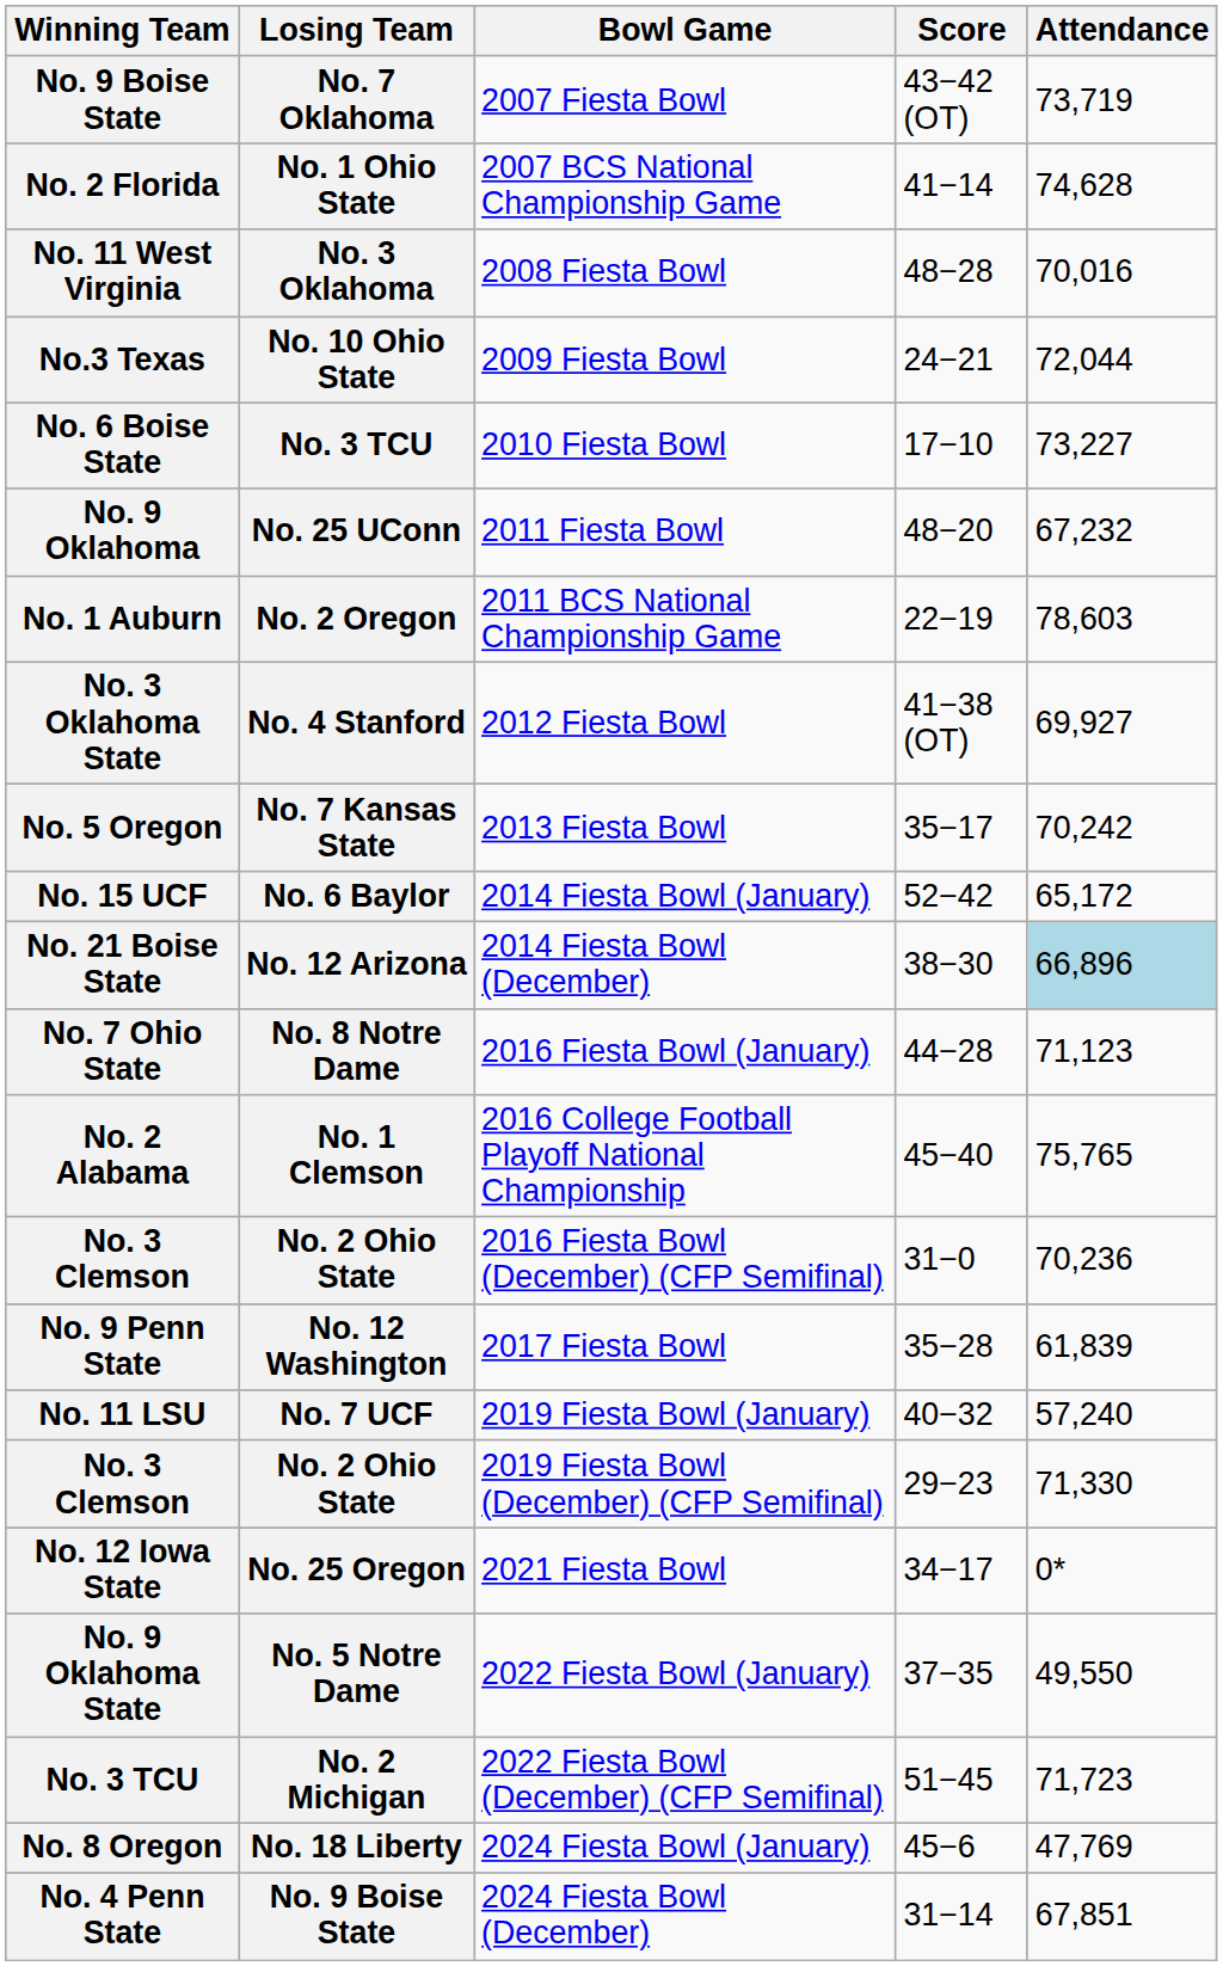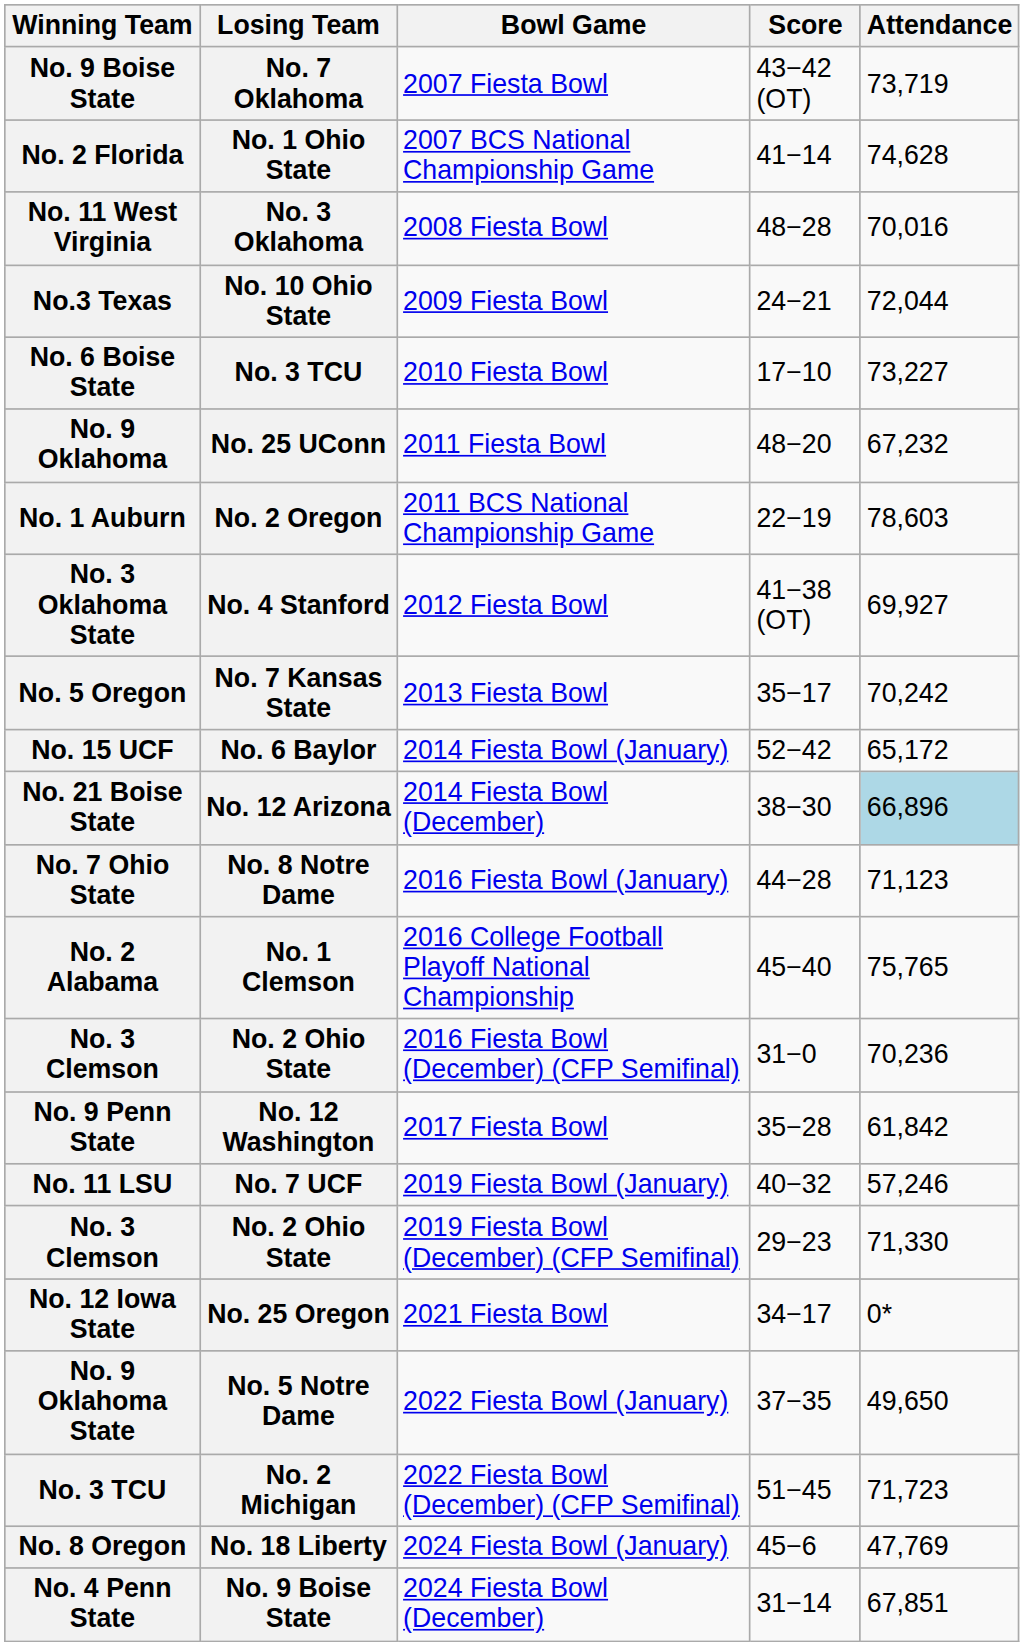 <table class="wikitable">
 <tr>
 <th style="text-align:center; ">Winning Team</th>
 <th style="text-align:center; ">Losing Team</th>
 <th style="text-align:center; ">Bowl Game</th>
 <th style="text-align:center; ">Score</th>
 <th style="text-align:center; ">Attendance</th>
 </tr>
 <tr>
 <th style=>No. 9 Boise State</th>
 <th style=>No. 7 Oklahoma</th>
 <td><a href='#'>2007 Fiesta Bowl</a></td>
 <td>43−42 (OT)</td>
 <td>73,719</td>
 </tr>
 <tr>
 <th style=>No. 2 Florida</th>
 <th style=>No. 1 Ohio State</th>
 <td><a href='#'>2007 BCS National Championship Game</a></td>
 <td>41−14</td>
 <td>74,628</td>
 </tr>
 <tr>
 <th style=>No. 11 West Virginia</th>
 <th style=>No. 3 Oklahoma</th>
 <td><a href='#'>2008 Fiesta Bowl</a></td>
 <td>48−28</td>
 <td>70,016</td>
 </tr>
 <tr>
 <th style=>No.3 Texas</th>
 <th style=>No. 10 Ohio State</th>
 <td><a href='#'>2009 Fiesta Bowl</a></td>
 <td>24−21</td>
 <td>72,044</td>
 </tr>
 <tr>
 <th style=>No. 6 Boise State</th>
 <th style=>No. 3 TCU</th>
 <td><a href='#'>2010 Fiesta Bowl</a></td>
 <td>17−10</td>
 <td>73,227</td>
 </tr>
 <tr>
 <th style=>No. 9 Oklahoma</th>
 <th style=>No. 25 UConn</th>
 <td><a href='#'>2011 Fiesta Bowl</a></td>
 <td>48−20</td>
 <td>67,232</td>
 </tr>
 <tr>
 <th style=>No. 1 Auburn</th>
 <th style=>No. 2 Oregon</th>
 <td><a href='#'>2011 BCS National Championship Game</a></td>
 <td>22−19</td>
 <td>78,603</td>
 </tr>
 <tr>
 <th style=>No. 3 Oklahoma State</th>
 <th style=>No. 4 Stanford</th>
 <td><a href='#'>2012 Fiesta Bowl</a></td>
 <td>41−38 (OT)</td>
 <td>69,927</td>
 </tr>
 <tr>
 <th style=>No. 5 Oregon</th>
 <th style=>No. 7 Kansas State</th>
 <td><a href='#'>2013 Fiesta Bowl</a></td>
 <td>35−17</td>
 <td>70,242</td>
 </tr>
 <tr>
 <th style=>No. 15 UCF</th>
 <th style=>No. 6 Baylor</th>
 <td><a href='#'>2014 Fiesta Bowl (January)</a></td>
 <td>52−42</td>
 <td>65,172</td>
 </tr>
 <tr>
 <th style=>No. 21 Boise State</th>
 <th style=>No. 12 Arizona</th>
 <td><a href='#'>2014 Fiesta Bowl (December)</a></td>
 <td>38−30</td>
 <td style="background: lightblue;">66,896</td>
 </tr>
 <tr>
 <th style=>No. 7 Ohio State</th>
 <th style=>No. 8 Notre Dame</th>
 <td><a href='#'>2016 Fiesta Bowl (January)</a></td>
 <td>44−28</td>
 <td>71,123</td>
 </tr>
 <tr>
 <th style=>No. 2 Alabama</th>
 <th style=>No. 1 Clemson</th>
 <td><a href='#'>2016 College Football Playoff National Championship</a></td>
 <td>45−40</td>
 <td>75,765</td>
 </tr>
 <tr>
 <th style=>No. 3 Clemson</th>
 <th style=>No. 2 Ohio State</th>
 <td><a href='#'>2016 Fiesta Bowl (December) (CFP Semifinal)</a></td>
 <td>31−0</td>
 <td>70,236</td>
 </tr>
 <tr>
 <th style=>No. 9 Penn State</th>
 <th style=>No. 12 Washington</th>
 <td><a href='#'>2017 Fiesta Bowl</a></td>
 <td>35−28</td>
-<td>61,839</td>
+<td>61,842</td>
 </tr>
 <tr>
 <th style=>No. 11 LSU</th>
 <th style=>No. 7 UCF</th>
 <td><a href='#'>2019 Fiesta Bowl (January)</a></td>
 <td>40−32</td>
-<td>57,240</td>
+<td>57,246</td>
 </tr>
 <tr>
 <th style=>No. 3 Clemson</th>
 <th style=>No. 2 Ohio State</th>
 <td><a href='#'>2019 Fiesta Bowl (December) (CFP Semifinal)</a></td>
 <td>29−23</td>
 <td>71,330</td>
 </tr>
 <tr>
 <th style=>No. 12 Iowa State</th>
 <th style=>No. 25 Oregon</th>
 <td><a href='#'>2021 Fiesta Bowl</a></td>
 <td>34−17</td>
 <td>0*</td>
 </tr>
 <tr>
 <th style=>No. 9 Oklahoma State</th>
 <th style=>No. 5 Notre Dame</th>
 <td><a href='#'>2022 Fiesta Bowl (January)</a></td>
 <td>37−35</td>
-<td>49,550</td>
+<td>49,650</td>
 </tr>
 <tr>
 <th style=>No. 3 TCU</th>
 <th style=>No. 2 Michigan</th>
 <td><a href='#'>2022 Fiesta Bowl (December) (CFP Semifinal)</a></td>
 <td>51−45</td>
 <td>71,723</td>
 </tr>
 <tr>
 <th style=>No. 8 Oregon</th>
 <th style=>No. 18 Liberty</th>
 <td><a href='#'>2024 Fiesta Bowl (January)</a></td>
 <td>45−6</td>
 <td>47,769</td>
 </tr>
 <tr>
 <th style=>No. 4 Penn State</th>
 <th style=>No. 9 Boise State</th>
 <td><a href='#'>2024 Fiesta Bowl (December)</a></td>
 <td>31−14</td>
 <td>67,851</td>
 </tr>
 </table>
